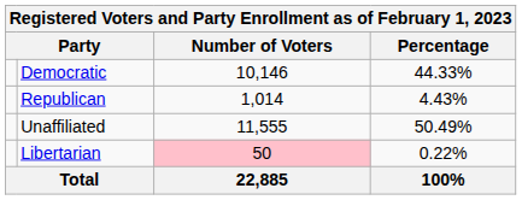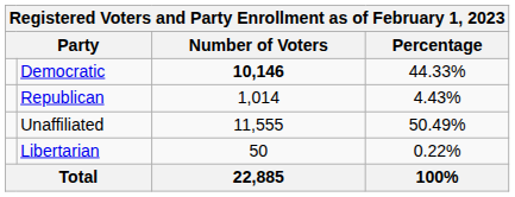 <table class=wikitable>
 <tr>
 <th colspan = 6>Registered Voters and Party Enrollment as of February 1, 2023</th>
 </tr>
 <tr>
 <th colspan = 2>Party</th>
 <th>Number of Voters</th>
 <th>Percentage</th>
 </tr>
 <tr>
 <td></td>
 <td><a href='#'>Democratic</a></td>
-<td align = center>10,146</td>
+<td align = center><strong>10,146</strong></td>
 <td align = center>44.33%</td>
 </tr>
 <tr>
 <td></td>
 <td><a href='#'>Republican</a></td>
 <td align = center>1,014</td>
 <td align = center>4.43%</td>
 </tr>
 <tr>
 <td></td>
 <td>Unaffiliated</td>
 <td align = center>11,555</td>
 <td align = center>50.49%</td>
 </tr>
 <tr>
 <td></td>
 <td><a href='#'>Libertarian</a></td>
-<td align = center style="background: pink;">50</td>
+<td align = center>50</td>
 <td align = center>0.22%</td>
 </tr>
 <tr>
 <th colspan = 2>Total</th>
 <th align = center>22,885</th>
 <th align = center>100%</th>
 </tr>
 </table>
